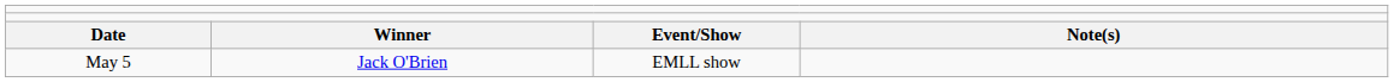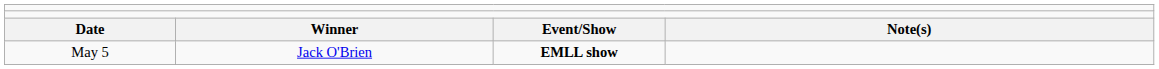 <table class="wikitable" style="text-align:center; width:100%;">
 <tr>
 <td colspan=5></td>
 </tr>
 <tr>
 <td colspan=5><strong></strong></td>
 </tr>
 <tr>
 <th width=14%>Date</th>
 <th width=26%>Winner</th>
 <th width=14%>Event/Show</th>
 <th width=40%>Note(s)</th>
 </tr>
 <tr>
 <td>May 5</td>
 <td><a href='#'>Jack O'Brien</a></td>
-<td>EMLL show</td>
+<td><strong>EMLL show</strong></td>
 <td align=left></td>
 </tr>
 </table>
